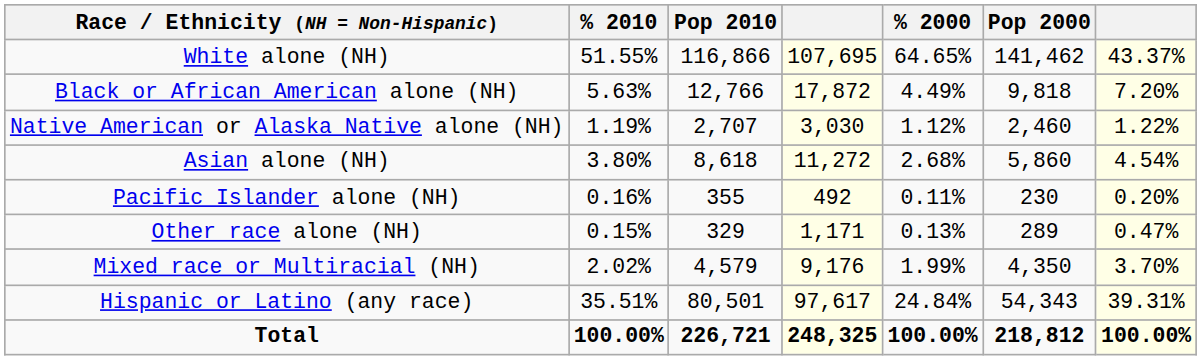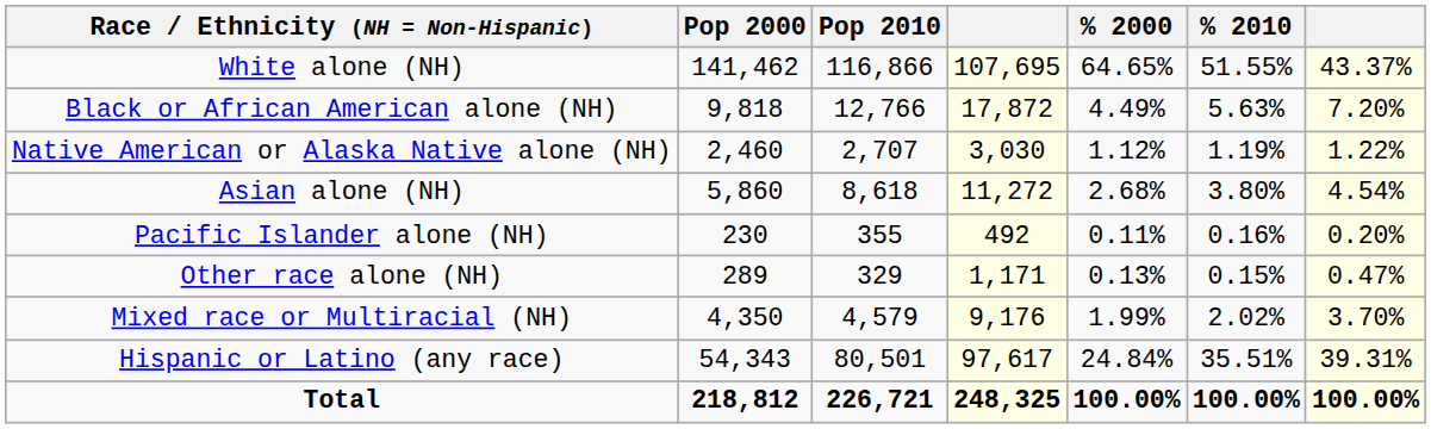 <table class="wikitable" style="text-align:center;">
 <tr>
 <th>Race / Ethnicity <small>(<em>NH = Non-Hispanic</em>)</small></th>
-<th>% 2010</th>
+<th>Pop 2000</th>
 <th>Pop 2010</th>
 <th></th>
 <th>% 2000</th>
-<th>Pop 2000</th>
+<th>% 2010</th>
 <th></th>
 </tr>
 <tr>
 <td><a href='#'>White</a> alone (NH)</td>
-<td>51.55%</td>
+<td>141,462</td>
 <td>116,866</td>
 <td style='background: #ffffe6;'>107,695</td>
 <td>64.65%</td>
-<td>141,462</td>
+<td>51.55%</td>
 <td style='background: #ffffe6;'>43.37%</td>
 </tr>
 <tr>
 <td><a href='#'>Black or African American</a> alone (NH)</td>
-<td>5.63%</td>
+<td>9,818</td>
 <td>12,766</td>
 <td style='background: #ffffe6;'>17,872</td>
 <td>4.49%</td>
-<td>9,818</td>
+<td>5.63%</td>
 <td style='background: #ffffe6;'>7.20%</td>
 </tr>
 <tr>
 <td><a href='#'>Native American</a> or <a href='#'>Alaska Native</a> alone (NH)</td>
-<td>1.19%</td>
+<td>2,460</td>
 <td>2,707</td>
 <td style='background: #ffffe6;'>3,030</td>
 <td>1.12%</td>
-<td>2,460</td>
+<td>1.19%</td>
 <td style='background: #ffffe6;'>1.22%</td>
 </tr>
 <tr>
 <td><a href='#'>Asian</a> alone (NH)</td>
-<td>3.80%</td>
+<td>5,860</td>
 <td>8,618</td>
 <td style='background: #ffffe6;'>11,272</td>
 <td>2.68%</td>
-<td>5,860</td>
+<td>3.80%</td>
 <td style='background: #ffffe6;'>4.54%</td>
 </tr>
 <tr>
 <td><a href='#'>Pacific Islander</a> alone (NH)</td>
-<td>0.16%</td>
+<td>230</td>
 <td>355</td>
 <td style='background: #ffffe6;'>492</td>
 <td>0.11%</td>
-<td>230</td>
+<td>0.16%</td>
 <td style='background: #ffffe6;'>0.20%</td>
 </tr>
 <tr>
 <td><a href='#'>Other race</a> alone (NH)</td>
-<td>0.15%</td>
+<td>289</td>
 <td>329</td>
 <td style='background: #ffffe6;'>1,171</td>
 <td>0.13%</td>
-<td>289</td>
+<td>0.15%</td>
 <td style='background: #ffffe6;'>0.47%</td>
 </tr>
 <tr>
 <td><a href='#'>Mixed race or Multiracial</a> (NH)</td>
-<td>2.02%</td>
+<td>4,350</td>
 <td>4,579</td>
 <td style='background: #ffffe6;'>9,176</td>
 <td>1.99%</td>
-<td>4,350</td>
+<td>2.02%</td>
 <td style='background: #ffffe6;'>3.70%</td>
 </tr>
 <tr>
 <td><a href='#'>Hispanic or Latino</a> (any race)</td>
-<td>35.51%</td>
+<td>54,343</td>
 <td>80,501</td>
 <td style='background: #ffffe6;'>97,617</td>
 <td>24.84%</td>
-<td>54,343</td>
+<td>35.51%</td>
 <td style='background: #ffffe6;'>39.31%</td>
 </tr>
 <tr>
 <td><strong>Total</strong></td>
-<td><strong>100.00%</strong></td>
+<td><strong>218,812</strong></td>
 <td><strong>226,721</strong></td>
 <td style='background: #ffffe6;'><strong>248,325</strong></td>
 <td><strong>100.00%</strong></td>
-<td><strong>218,812</strong></td>
+<td><strong>100.00%</strong></td>
 <td style='background: #ffffe6;'><strong>100.00%</strong></td>
 </tr>
 </table>
